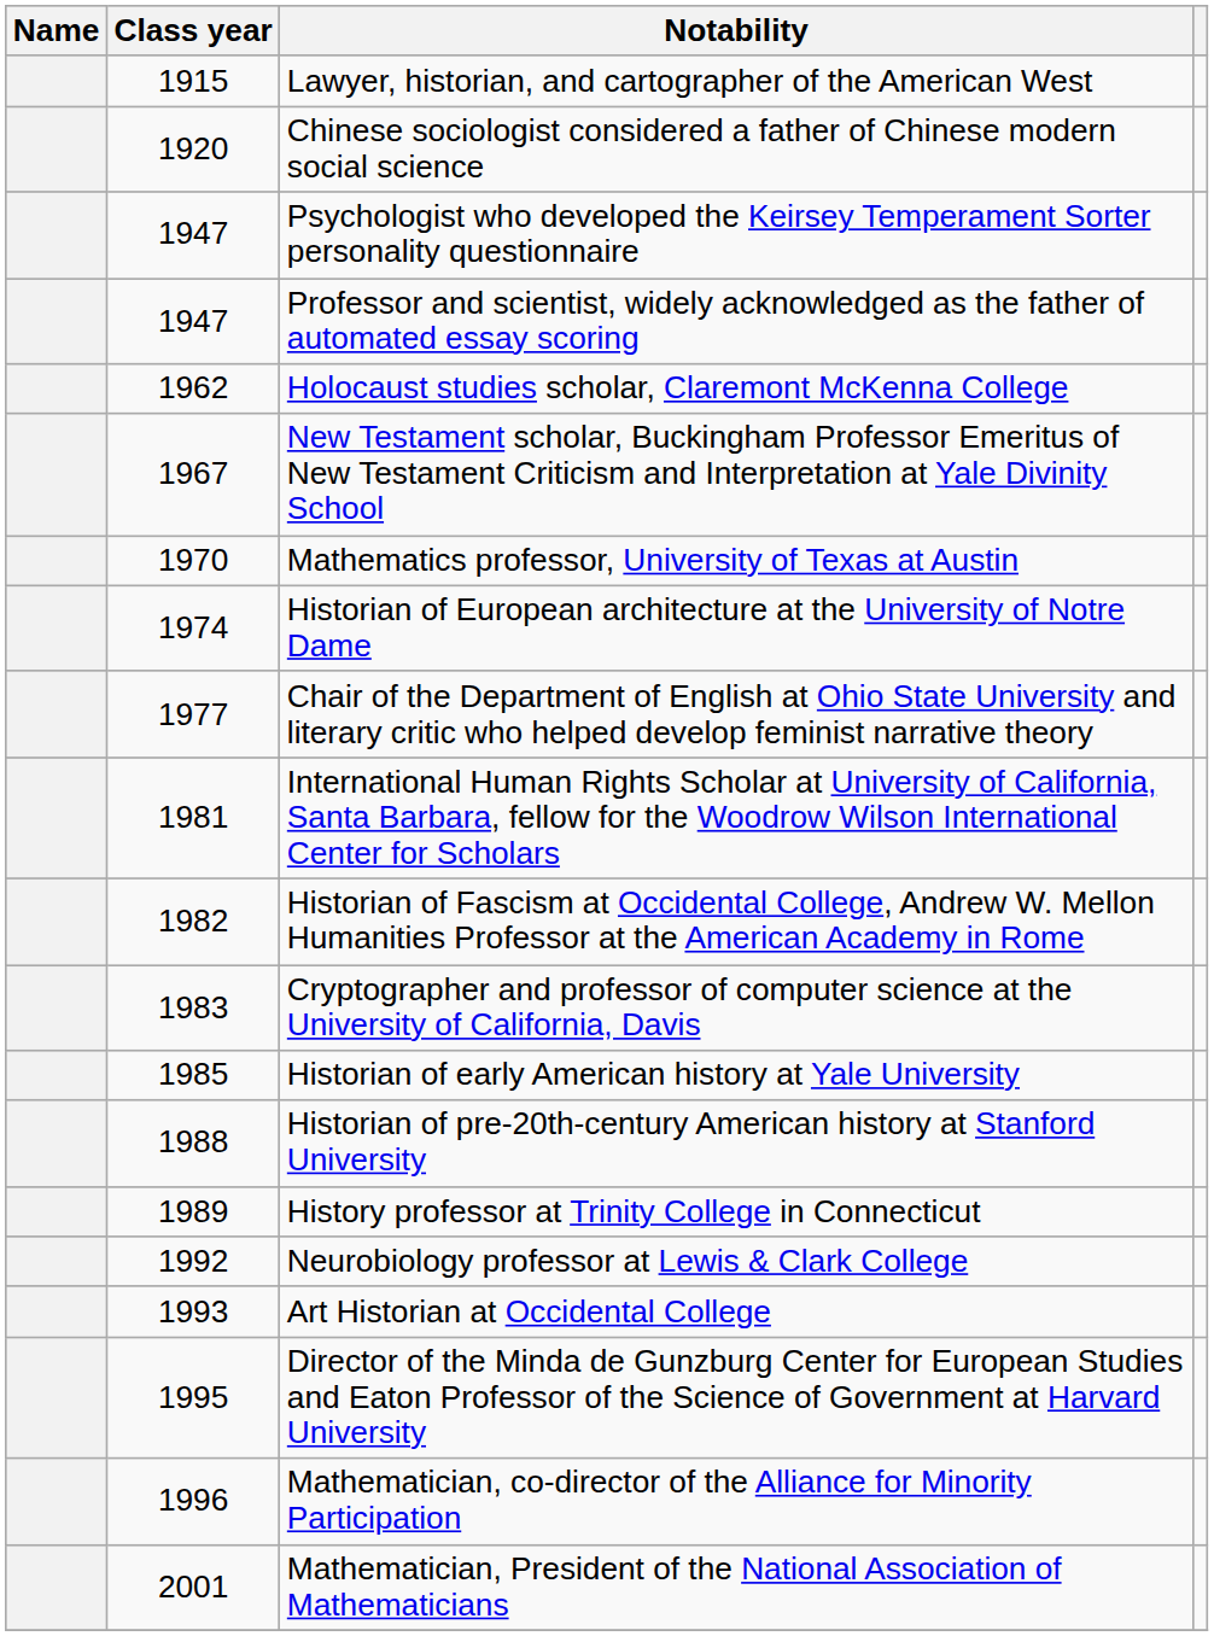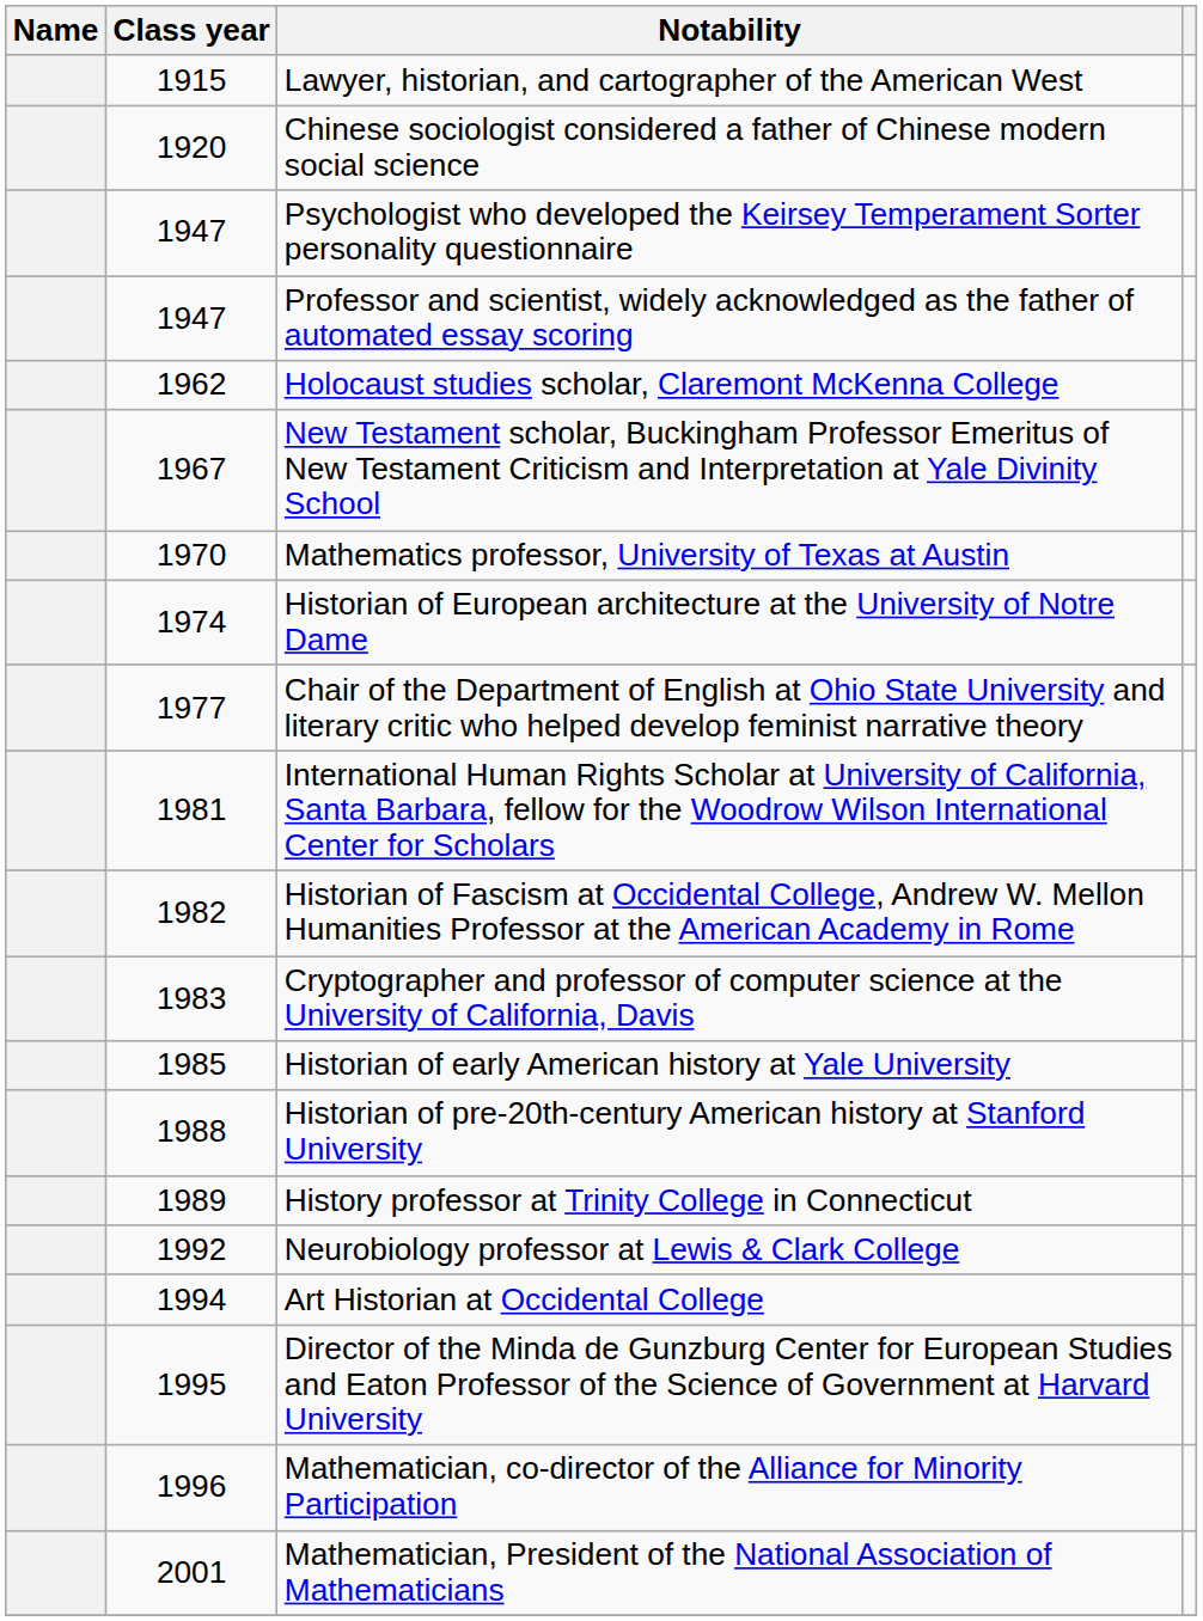 <table class="wikitable sortable plainrowheaders" style="text-align:center; border:2px solid #">
 <tr>
 <th scope="col">Name</th>
 <th scope="col">Class year</th>
 <th scope="col">Notability</th>
 <th scope="col"></th>
 </tr>
 <tr>
 <th scope="row"></th>
 <td>1915</td>
 <td style="text-align:left;">Lawyer, historian, and cartographer of the American West</td>
 <td></td>
 </tr>
 <tr>
 <th scope="row"></th>
 <td>1920</td>
 <td style="text-align:left;">Chinese sociologist considered a father of Chinese modern social science</td>
 <td></td>
 </tr>
 <tr>
 <th scope="row"></th>
 <td>1947</td>
 <td style="text-align:left;">Psychologist who developed the <a href='#'>Keirsey Temperament Sorter</a> personality questionnaire</td>
 <td></td>
 </tr>
 <tr>
 <th scope="row"></th>
 <td>1947</td>
 <td style="text-align:left;">Professor and scientist, widely acknowledged as the father of <a href='#'>automated essay scoring</a></td>
 <td></td>
 </tr>
 <tr>
 <th scope="row"></th>
 <td>1962</td>
 <td style="text-align:left;"><a href='#'>Holocaust studies</a> scholar, <a href='#'>Claremont McKenna College</a></td>
 <td></td>
 </tr>
 <tr>
 <th scope="row"></th>
 <td>1967</td>
 <td style="text-align:left;"><a href='#'>New Testament</a> scholar, Buckingham Professor Emeritus of New Testament Criticism and Interpretation at <a href='#'>Yale Divinity School</a></td>
 <td></td>
 </tr>
 <tr>
 <th scope="row"></th>
 <td>1970</td>
 <td style="text-align:left;">Mathematics professor, <a href='#'>University of Texas at Austin</a></td>
 <td></td>
 </tr>
 <tr>
 <th scope="row"></th>
 <td>1974</td>
 <td style="text-align:left;">Historian of European architecture at the <a href='#'>University of Notre Dame</a></td>
 <td></td>
 </tr>
 <tr>
 <th scope="row"></th>
 <td>1977</td>
 <td style="text-align:left;">Chair of the Department of English at <a href='#'>Ohio State University</a> and literary critic who helped develop feminist narrative theory</td>
 <td></td>
 </tr>
 <tr>
 <th scope="row"></th>
 <td>1981</td>
 <td style="text-align:left;">International Human Rights Scholar at <a href='#'>University of California, Santa Barbara</a>, fellow for the <a href='#'>Woodrow Wilson International Center for Scholars</a></td>
 <td></td>
 </tr>
 <tr>
 <th scope="row"></th>
 <td>1982</td>
 <td style="text-align:left;">Historian of Fascism at <a href='#'>Occidental College</a>, Andrew W. Mellon Humanities Professor at the <a href='#'>American Academy in Rome</a></td>
 <td></td>
 </tr>
 <tr>
 <th scope="row"></th>
 <td>1983</td>
 <td style="text-align:left;">Cryptographer and professor of computer science at the <a href='#'>University of California, Davis</a></td>
 <td></td>
 </tr>
 <tr>
 <th scope="row"></th>
 <td>1985</td>
 <td style="text-align:left;">Historian of early American history at <a href='#'>Yale University</a></td>
 <td></td>
 </tr>
 <tr>
 <th scope="row"></th>
 <td>1988</td>
 <td style="text-align:left;">Historian of pre-20th-century American history at <a href='#'>Stanford University</a></td>
 <td></td>
 </tr>
 <tr>
 <th scope="row"></th>
 <td>1989</td>
 <td style="text-align:left;">History professor at <a href='#'>Trinity College</a> in Connecticut</td>
 <td></td>
 </tr>
 <tr>
 <th scope="row"></th>
 <td>1992</td>
 <td style="text-align:left;">Neurobiology professor at <a href='#'>Lewis & Clark College</a></td>
 <td></td>
 </tr>
 <tr>
 <th scope="row"></th>
-<td>1993</td>
+<td>1994</td>
 <td style="text-align:left;">Art Historian at <a href='#'>Occidental College</a></td>
 <td></td>
 </tr>
 <tr>
 <th scope="row"></th>
 <td>1995</td>
 <td style="text-align:left;">Director of the Minda de Gunzburg Center for European Studies and Eaton Professor of the Science of Government at <a href='#'>Harvard University</a></td>
 <td></td>
 </tr>
 <tr>
 <th scope="row"></th>
 <td>1996</td>
 <td style="text-align:left;">Mathematician, co-director of the <a href='#'>Alliance for Minority Participation</a></td>
 <td></td>
 </tr>
 <tr>
 <th scope="row"></th>
 <td>2001</td>
 <td style="text-align:left;">Mathematician, President of the <a href='#'>National Association of Mathematicians</a></td>
 <td></td>
 </tr>
 <tr>
 </tr>
 </table>
